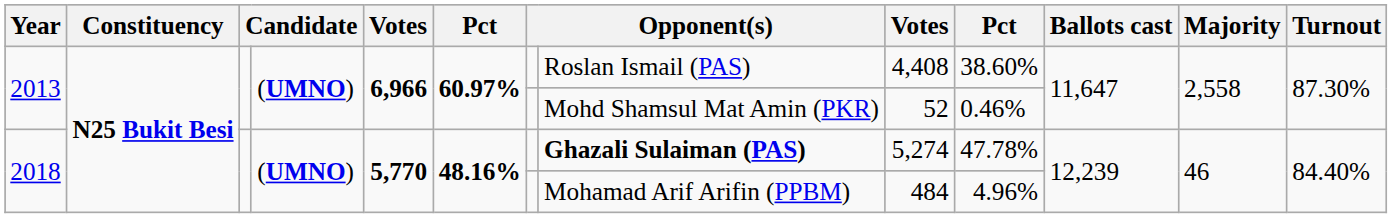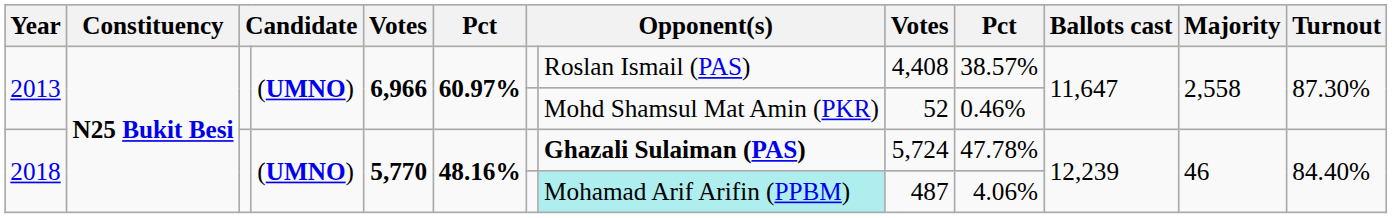 <table class="wikitable" style="margin:0.5em ; font-size:95%">
 <tr>
 <th>Year</th>
 <th>Constituency</th>
 <th colspan=2>Candidate</th>
 <th>Votes</th>
 <th>Pct</th>
 <th colspan=2>Opponent(s)</th>
 <th>Votes</th>
 <th>Pct</th>
 <th>Ballots cast</th>
 <th>Majority</th>
 <th>Turnout</th>
 </tr>
 <tr>
 <td rowspan=2><a href='#'>2013</a></td>
 <td rowspan=4><strong>N25 <a href='#'>Bukit Besi</a></strong></td>
 <td rowspan=2 ></td>
 <td rowspan=2> (<a href='#'><strong>UMNO</strong></a>)</td>
 <td rowspan=2 align="right"><strong>6,966</strong></td>
 <td rowspan=2><strong>60.97%</strong></td>
 <td></td>
 <td>Roslan Ismail (<a href='#'>PAS</a>)</td>
 <td align="right">4,408</td>
-<td>38.60%</td>
+<td>38.57%</td>
 <td rowspan=2>11,647</td>
 <td rowspan=2>2,558</td>
 <td rowspan=2>87.30%</td>
 </tr>
 <tr>
 <td></td>
 <td>Mohd Shamsul Mat Amin (<a href='#'>PKR</a>)</td>
 <td align="right">52</td>
 <td>0.46%</td>
 </tr>
 <tr>
 <td rowspan=2><a href='#'>2018</a></td>
 <td rowspan=2 ></td>
 <td rowspan=2> (<a href='#'><strong>UMNO</strong></a>)</td>
 <td rowspan=2 align="right"><strong>5,770</strong></td>
 <td rowspan=2><strong>48.16%</strong></td>
 <td></td>
 <td><strong>Ghazali Sulaiman (<a href='#'>PAS</a>)</strong></td>
-<td align="right">5,274</td>
+<td align="right">5,724</td>
 <td>47.78%</td>
 <td rowspan=2>12,239</td>
 <td rowspan=2>46</td>
 <td rowspan=2>84.40%</td>
 </tr>
 <tr>
 <td></td>
-<td>Mohamad Arif Arifin (<a href='#'>PPBM</a>)</td>
-<td align="right">484</td>
-<td align=right>4.96%</td>
+<td style="background: paleturquoise;">Mohamad Arif Arifin (<a href='#'>PPBM</a>)</td>
+<td align="right">487</td>
+<td align=right>4.06%</td>
 </tr>
 </table>
